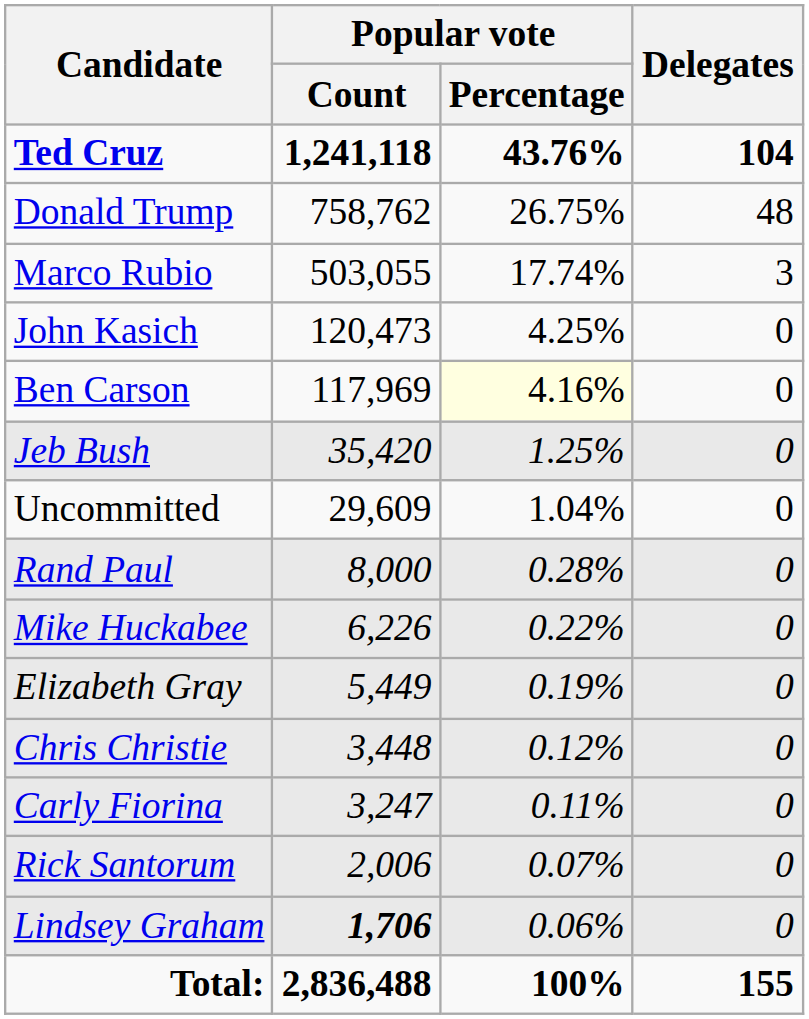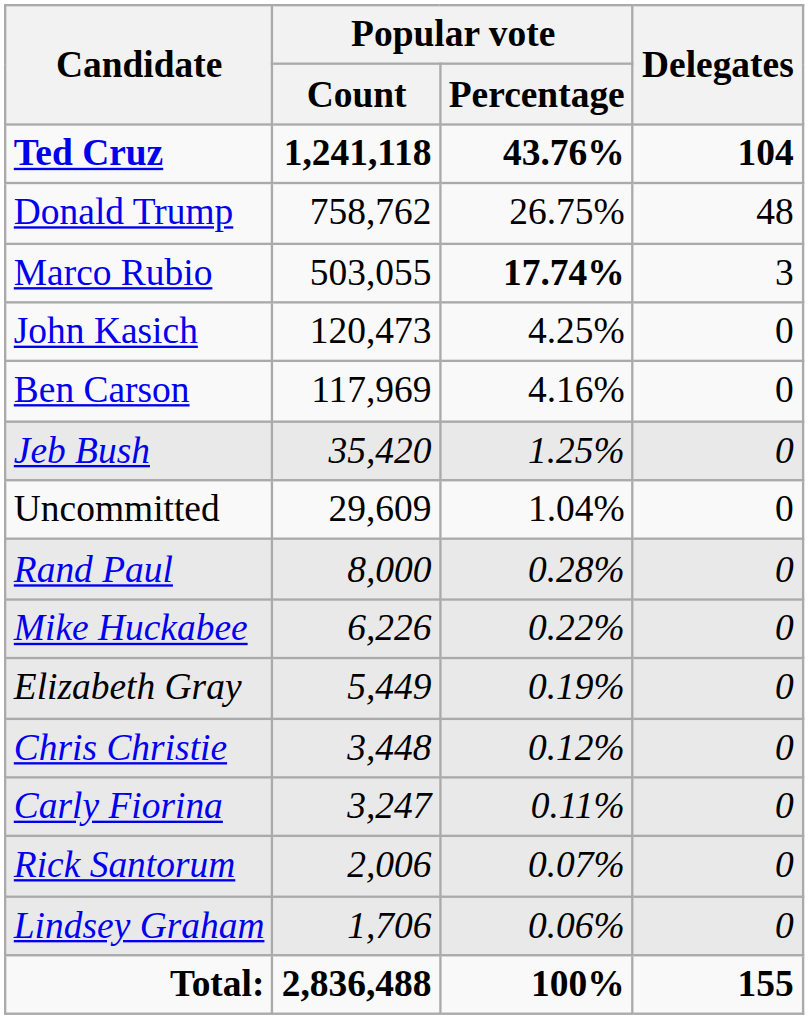 <table class="wikitable">
 <tr>
 <th rowspan="2">Candidate</th>
 <th colspan="2">Popular vote</th>
 <th rowspan="2">Delegates</th>
 </tr>
 <tr>
 <th>Count</th>
 <th>Percentage</th>
 </tr>
 <tr align="right" >
 <td style="text-align:left;"><strong> <a href='#'>Ted Cruz</a></strong></td>
 <td><strong>1,241,118</strong></td>
 <td><strong>43.76%</strong></td>
 <td><strong>104</strong></td>
 </tr>
 <tr style="text-align:right;">
 <td style="text-align:left;"><a href='#'>Donald Trump</a></td>
 <td>758,762</td>
 <td>26.75%</td>
 <td>48</td>
 </tr>
 <tr style="text-align:right;">
 <td style="text-align:left;"><a href='#'>Marco Rubio</a></td>
 <td>503,055</td>
-<td>17.74%</td>
+<td><strong>17.74%</strong></td>
 <td>3</td>
 </tr>
 <tr style="text-align:right;">
 <td style="text-align:left;"><a href='#'>John Kasich</a></td>
 <td>120,473</td>
 <td>4.25%</td>
 <td>0</td>
 </tr>
 <tr style="text-align:right;">
 <td style="text-align:left;"><a href='#'>Ben Carson</a></td>
 <td>117,969</td>
-<td style="background: lightyellow;">4.16%</td>
+<td>4.16%</td>
 <td>0</td>
 </tr>
 <tr style="text-align:right; background:#e9e9e9;">
 <td style="text-align:left;"><em><a href='#'>Jeb Bush</a></em></td>
 <td><em>35,420</em></td>
 <td><em>1.25%</em></td>
 <td><em>0</em></td>
 </tr>
 <tr style="text-align:right;">
 <td style="text-align:left;">Uncommitted</td>
 <td>29,609</td>
 <td>1.04%</td>
 <td>0</td>
 </tr>
 <tr style="text-align:right; background:#e9e9e9;">
 <td style="text-align:left;"><em><a href='#'>Rand Paul</a></em></td>
 <td><em>8,000</em></td>
 <td><em>0.28%</em></td>
 <td><em>0</em></td>
 </tr>
 <tr style="text-align:right; background:#e9e9e9;">
 <td style="text-align:left;"><em><a href='#'>Mike Huckabee</a></em></td>
 <td><em>6,226</em></td>
 <td><em>0.22%</em></td>
 <td><em>0</em></td>
 </tr>
 <tr style="text-align:right; background:#e9e9e9;">
 <td style="text-align:left;"><em>Elizabeth Gray</em></td>
 <td><em>5,449</em></td>
 <td><em>0.19%</em></td>
 <td><em>0</em></td>
 </tr>
 <tr style="text-align:right; background:#e9e9e9;">
 <td style="text-align:left;"><em><a href='#'>Chris Christie</a></em></td>
 <td><em>3,448</em></td>
 <td><em>0.12%</em></td>
 <td><em>0</em></td>
 </tr>
 <tr style="text-align:right; background:#e9e9e9;">
 <td style="text-align:left;"><em><a href='#'>Carly Fiorina</a></em></td>
 <td><em>3,247</em></td>
 <td><em>0.11%</em></td>
 <td><em>0</em></td>
 </tr>
 <tr style="text-align:right; background:#e9e9e9;">
 <td style="text-align:left;"><em><a href='#'>Rick Santorum</a></em></td>
 <td><em>2,006</em></td>
 <td><em>0.07%</em></td>
 <td><em>0</em></td>
 </tr>
 <tr style="text-align:right; background:#e9e9e9;">
 <td style="text-align:left;"><em><a href='#'>Lindsey Graham</a></em></td>
-<td><strong><em>1,706</em></strong></td>
+<td><em>1,706</em></td>
 <td><em>0.06%</em></td>
 <td><em>0</em></td>
 </tr>
 <tr style="text-align:right;">
 <td><strong>Total:</strong></td>
 <td><strong>2,836,488</strong></td>
 <td><strong>100%</strong></td>
 <td><strong>155</strong></td>
 </tr>
 </table>
